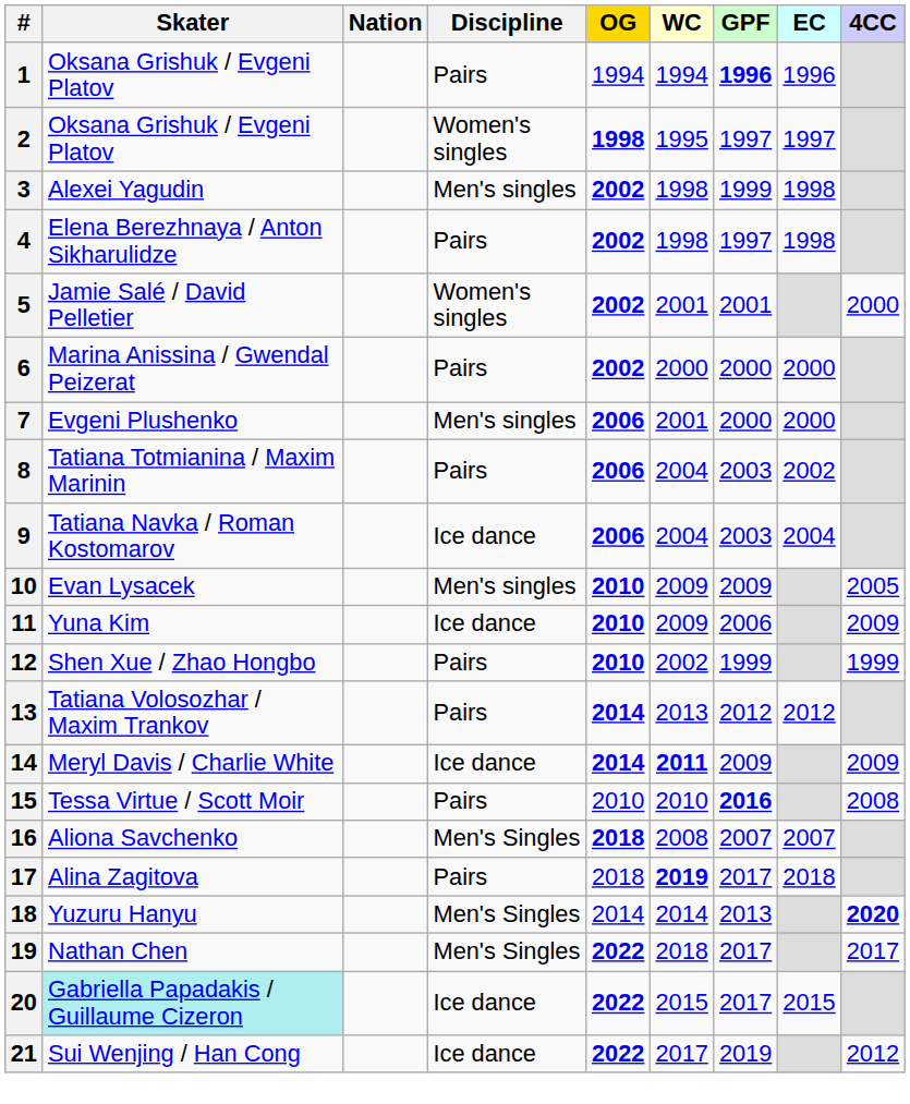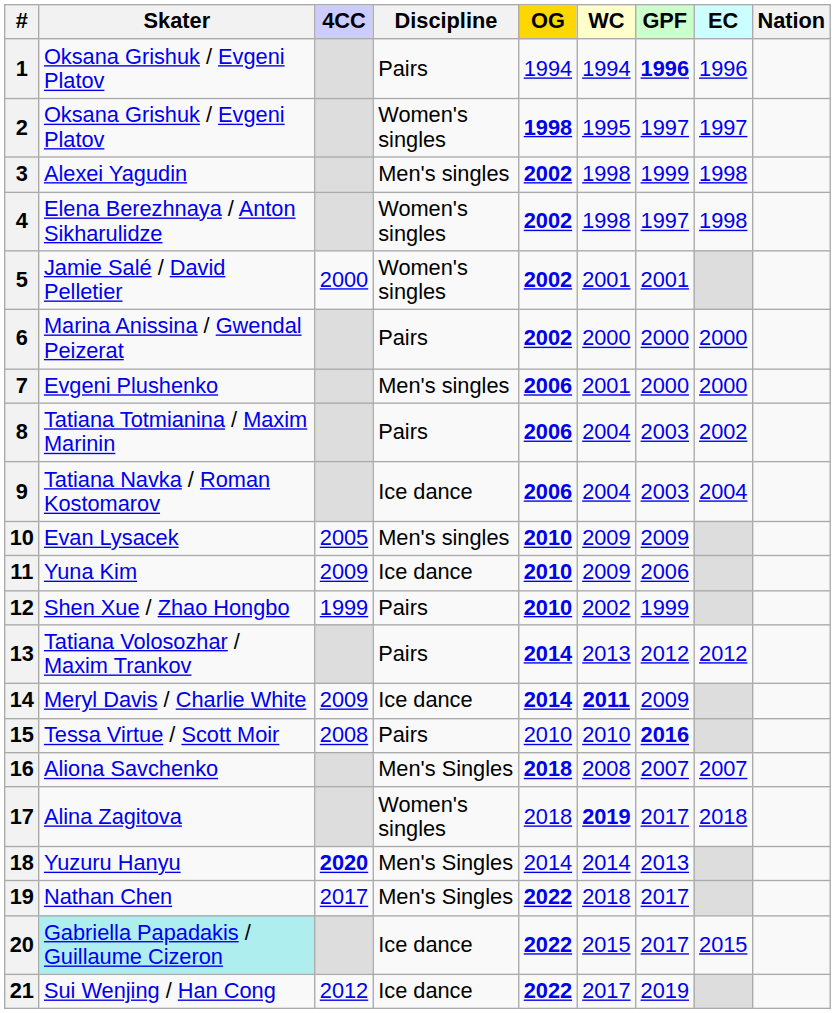 <table class="wikitable sortable" style="text-align: center;">
 <tr>
 <th>#</th>
 <th>Skater</th>
-<th>Nation</th>
+<th style="background-color: #ccf;">4CC</th>
 <th>Discipline</th>
 <th style="background-color: gold;">OG</th>
 <th style="background-color: #ffc;">WC</th>
 <th style="background-color: #cfc;">GPF</th>
 <th style="background-color: #cff;">EC</th>
-<th style="background-color: #ccf;">4CC</th>
+<th>Nation</th>
 </tr>
 <tr>
 <th>1</th>
 <td style="text-align: left;"><a href='#'>Oksana Grishuk</a> / <a href='#'>Evgeni Platov</a></td>
-<td></td>
+<td style="background-color: #ddd;"></td>
 <td style="text-align: left;">Pairs</td>
 <td><a href='#'>1994</a></td>
 <td><a href='#'>1994</a></td>
 <td><strong><a href='#'>1996</a></strong></td>
 <td><a href='#'>1996</a></td>
-<td style="background-color: #ddd;"></td>
+<td></td>
 </tr>
 <tr>
 <th>2</th>
 <td style="text-align: left;"><a href='#'>Oksana Grishuk</a> / <a href='#'>Evgeni Platov</a></td>
-<td></td>
+<td style="background-color: #ddd;"></td>
 <td style="text-align: left;">Women's singles</td>
 <td><strong><a href='#'>1998</a></strong></td>
 <td><a href='#'>1995</a></td>
 <td><a href='#'>1997</a></td>
 <td><a href='#'>1997</a></td>
-<td style="background-color: #ddd;"></td>
+<td></td>
 </tr>
 <tr>
 <th>3</th>
 <td style="text-align: left;"><a href='#'>Alexei Yagudin</a></td>
-<td></td>
+<td style="background-color: #ddd;"></td>
 <td style="text-align: left;">Men's singles</td>
 <td><strong><a href='#'>2002</a></strong></td>
 <td><a href='#'>1998</a></td>
 <td><a href='#'>1999</a></td>
 <td><a href='#'>1998</a></td>
-<td style="background-color: #ddd;"></td>
+<td></td>
 </tr>
 <tr>
 <th>4</th>
 <td style="text-align: left;"><a href='#'>Elena Berezhnaya</a> / <a href='#'>Anton Sikharulidze</a></td>
-<td></td>
-<td style="text-align: left;">Pairs</td>
+<td style="background-color: #ddd;"></td>
+<td style="text-align: left;">Women's singles</td>
 <td><strong><a href='#'>2002</a></strong></td>
 <td><a href='#'>1998</a></td>
 <td><a href='#'>1997</a></td>
 <td><a href='#'>1998</a></td>
-<td style="background-color: #ddd;"></td>
+<td></td>
 </tr>
 <tr>
 <th>5</th>
 <td style="text-align: left;"><a href='#'>Jamie Salé</a> / <a href='#'>David Pelletier</a></td>
-<td></td>
+<td><a href='#'>2000</a></td>
 <td style="text-align: left;">Women's singles</td>
 <td><strong><a href='#'>2002</a></strong></td>
 <td><a href='#'>2001</a></td>
 <td><a href='#'>2001</a></td>
 <td style="background-color: #ddd;"></td>
-<td><a href='#'>2000</a></td>
+<td></td>
 </tr>
 <tr>
 <th>6</th>
 <td style="text-align: left;"><a href='#'>Marina Anissina</a> / <a href='#'>Gwendal Peizerat</a></td>
-<td></td>
+<td style="background-color: #ddd;"></td>
 <td style="text-align: left;">Pairs</td>
 <td><strong><a href='#'>2002</a></strong></td>
 <td><a href='#'>2000</a></td>
 <td><a href='#'>2000</a></td>
 <td><a href='#'>2000</a></td>
-<td style="background-color: #ddd;"></td>
+<td></td>
 </tr>
 <tr>
 <th>7</th>
 <td style="text-align: left;"><a href='#'>Evgeni Plushenko</a></td>
-<td></td>
+<td style="background-color: #ddd;"></td>
 <td style="text-align: left;">Men's singles</td>
 <td><strong><a href='#'>2006</a></strong></td>
 <td><a href='#'>2001</a></td>
 <td><a href='#'>2000</a></td>
 <td><a href='#'>2000</a></td>
-<td style="background-color: #ddd;"></td>
+<td></td>
 </tr>
 <tr>
 <th>8</th>
 <td style="text-align: left;"><a href='#'>Tatiana Totmianina</a> / <a href='#'>Maxim Marinin</a></td>
-<td></td>
+<td style="background-color: #ddd;"></td>
 <td style="text-align: left;">Pairs</td>
 <td><strong><a href='#'>2006</a></strong></td>
 <td><a href='#'>2004</a></td>
 <td><a href='#'>2003</a></td>
 <td><a href='#'>2002</a></td>
-<td style="background-color: #ddd;"></td>
+<td></td>
 </tr>
 <tr>
 <th>9</th>
 <td style="text-align: left;"><a href='#'>Tatiana Navka</a> / <a href='#'>Roman Kostomarov</a></td>
-<td></td>
+<td style="background-color: #ddd;"></td>
 <td style="text-align: left;">Ice dance</td>
 <td><strong><a href='#'>2006</a></strong></td>
 <td><a href='#'>2004</a></td>
 <td><a href='#'>2003</a></td>
 <td><a href='#'>2004</a></td>
-<td style="background-color: #ddd;"></td>
+<td></td>
 </tr>
 <tr>
 <th>10</th>
 <td style="text-align: left;"><a href='#'>Evan Lysacek</a></td>
-<td></td>
+<td><a href='#'>2005</a></td>
 <td style="text-align: left;">Men's singles</td>
 <td><strong><a href='#'>2010</a></strong></td>
 <td><a href='#'>2009</a></td>
 <td><a href='#'>2009</a></td>
 <td style="background-color: #ddd;"></td>
-<td><a href='#'>2005</a></td>
+<td></td>
 </tr>
 <tr>
 <th>11</th>
 <td style="text-align: left;"><a href='#'>Yuna Kim</a></td>
-<td></td>
+<td><a href='#'>2009</a></td>
 <td style="text-align: left;">Ice dance</td>
 <td><strong><a href='#'>2010</a></strong></td>
 <td><a href='#'>2009</a></td>
 <td><a href='#'>2006</a></td>
 <td style="background-color: #ddd;"></td>
-<td><a href='#'>2009</a></td>
+<td></td>
 </tr>
 <tr>
 <th>12</th>
 <td style="text-align: left;"><a href='#'>Shen Xue</a> / <a href='#'>Zhao Hongbo</a></td>
-<td></td>
+<td><a href='#'>1999</a></td>
 <td style="text-align: left;">Pairs</td>
 <td><strong><a href='#'>2010</a></strong></td>
 <td><a href='#'>2002</a></td>
 <td><a href='#'>1999</a></td>
 <td style="background-color: #ddd;"></td>
-<td><a href='#'>1999</a></td>
+<td></td>
 </tr>
 <tr>
 <th>13</th>
 <td style="text-align: left;"><a href='#'>Tatiana Volosozhar</a> / <a href='#'>Maxim Trankov</a></td>
-<td></td>
+<td style="background-color: #ddd;"></td>
 <td style="text-align: left;">Pairs</td>
 <td><strong><a href='#'>2014</a></strong></td>
 <td><a href='#'>2013</a></td>
 <td><a href='#'>2012</a></td>
 <td><a href='#'>2012</a></td>
-<td style="background-color: #ddd;"></td>
+<td></td>
 </tr>
 <tr>
 <th>14</th>
 <td style="text-align: left;"><a href='#'>Meryl Davis</a> / <a href='#'>Charlie White</a></td>
-<td></td>
+<td><a href='#'>2009</a></td>
 <td style="text-align: left;">Ice dance</td>
 <td><strong><a href='#'>2014</a></strong></td>
 <td><strong><a href='#'>2011</a></strong></td>
 <td><a href='#'>2009</a></td>
 <td style="background-color: #ddd;"></td>
-<td><a href='#'>2009</a></td>
+<td></td>
 </tr>
 <tr>
 <th>15</th>
 <td style="text-align: left;"><a href='#'>Tessa Virtue</a> / <a href='#'>Scott Moir</a></td>
-<td></td>
+<td><a href='#'>2008</a></td>
 <td style="text-align: left;">Pairs</td>
 <td><a href='#'>2010</a></td>
 <td><a href='#'>2010</a></td>
 <td><strong><a href='#'>2016</a></strong></td>
 <td style="background-color: #ddd;"></td>
-<td><a href='#'>2008</a></td>
+<td></td>
 </tr>
 <tr>
 <th>16</th>
 <td style="text-align: left;"><a href='#'>Aliona Savchenko</a> </td>
-<td></td>
+<td style="background-color: #ddd;"></td>
 <td style="text-align: left;“">Men's Singles</td>
 <td><strong><a href='#'>2018</a></strong></td>
 <td><a href='#'>2008</a></td>
 <td><a href='#'>2007</a></td>
 <td><a href='#'>2007</a></td>
-<td style="background-color: #ddd;"></td>
+<td></td>
 </tr>
 <tr>
 <th>17</th>
 <td style="text-align: left;"><a href='#'>Alina Zagitova</a></td>
-<td></td>
-<td style="text-align: left;">Pairs</td>
+<td style="background-color: #ddd;"></td>
+<td style="text-align: left;">Women's singles</td>
 <td><a href='#'>2018</a></td>
 <td><strong><a href='#'>2019</a></strong></td>
 <td><a href='#'>2017</a></td>
 <td><a href='#'>2018</a></td>
-<td style="background-color: #ddd;"></td>
+<td></td>
 </tr>
 <tr>
 <th>18</th>
 <td style="text-align: left;"><a href='#'>Yuzuru Hanyu</a></td>
-<td></td>
+<td><strong><a href='#'>2020</a></strong></td>
 <td style="text-align: left;“">Men's Singles</td>
 <td><a href='#'>2014</a></td>
 <td><a href='#'>2014</a></td>
 <td><a href='#'>2013</a></td>
 <td style="background-color: #ddd;"></td>
-<td><strong><a href='#'>2020</a></strong></td>
+<td></td>
 </tr>
 <tr>
 <th>19</th>
 <td style="text-align: left;"><a href='#'>Nathan Chen</a></td>
-<td></td>
+<td><a href='#'>2017</a></td>
 <td style="text-align: left;“">Men's Singles</td>
 <td><a href='#'><strong>2022</strong></a></td>
 <td><a href='#'>2018</a></td>
 <td><a href='#'>2017</a></td>
 <td style="background-color: #ddd;"></td>
-<td><a href='#'>2017</a></td>
+<td></td>
 </tr>
 <tr>
 <th>20</th>
 <td style="background: paleturquoise; text-align: left;"><a href='#'>Gabriella Papadakis</a> / <a href='#'>Guillaume Cizeron</a></td>
-<td></td>
+<td style="background-color: #ddd;"></td>
 <td style="text-align: left;">Ice dance</td>
 <td><a href='#'><strong>2022</strong></a></td>
 <td><a href='#'>2015</a></td>
 <td><a href='#'>2017</a></td>
 <td><a href='#'>2015</a></td>
-<td style="background-color: #ddd;"></td>
+<td></td>
 </tr>
 <tr>
 <th>21</th>
 <td style="text-align: left;"><a href='#'>Sui Wenjing</a> / <a href='#'>Han Cong</a></td>
-<td></td>
+<td><a href='#'>2012</a></td>
 <td style="text-align: left;">Ice dance</td>
 <td><strong><a href='#'>2022</a></strong></td>
 <td><a href='#'>2017</a></td>
 <td><a href='#'>2019</a></td>
 <td style="background-color: #ddd; "></td>
-<td><a href='#'>2012</a></td>
+<td></td>
 </tr>
 </table>
